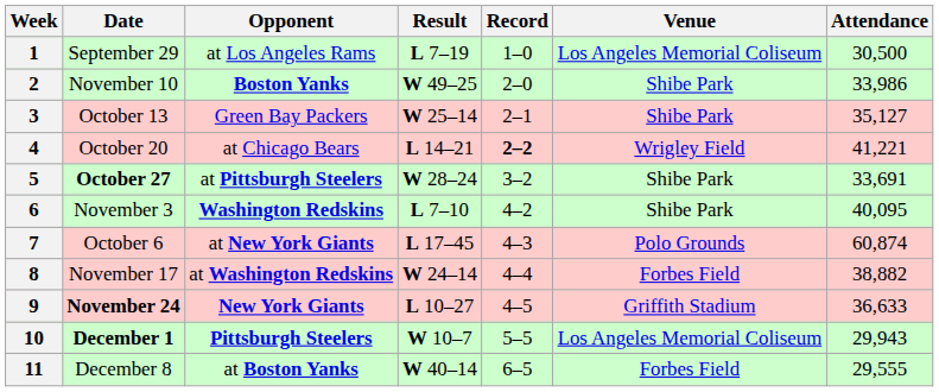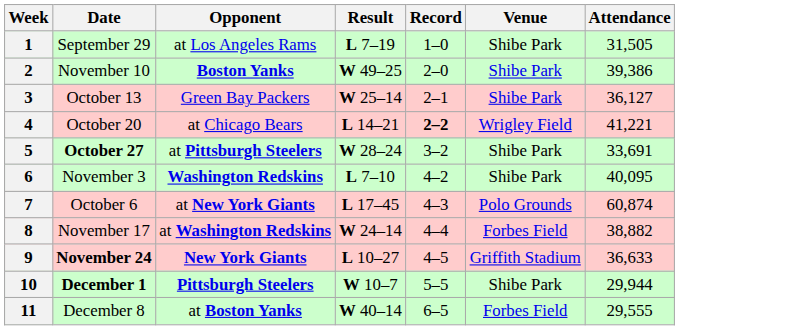 <table class="wikitable" style="text-align:center">
 <tr>
 <th>Week</th>
 <th>Date</th>
 <th>Opponent</th>
 <th>Result</th>
 <th>Record</th>
 <th>Venue</th>
 <th>Attendance</th>
 </tr>
 <tr style="background:#cfc">
 <th>1</th>
 <td>September 29</td>
 <td>at <a href='#'>Los Angeles Rams</a></td>
 <td><strong>L</strong> 7–19</td>
 <td>1–0</td>
-<td><a href='#'>Los Angeles Memorial Coliseum</a></td>
-<td>30,500</td>
+<td>Shibe Park</td>
+<td>31,505</td>
 </tr>
 <tr style="background:#cfc">
 <th>2</th>
 <td>November 10</td>
 <td><strong><a href='#'>Boston Yanks</a></strong></td>
 <td><strong>W</strong> 49–25</td>
 <td>2–0</td>
 <td><a href='#'>Shibe Park</a></td>
-<td>33,986</td>
+<td>39,386</td>
 </tr>
 <tr style="background:#fcc">
 <th>3</th>
 <td>October 13</td>
 <td><a href='#'>Green Bay Packers</a></td>
 <td><strong>W</strong> 25–14</td>
 <td>2–1</td>
 <td><a href='#'>Shibe Park</a></td>
-<td>35,127</td>
+<td>36,127</td>
 </tr>
 <tr style="background:#fcc">
 <th>4</th>
 <td>October 20</td>
 <td>at <a href='#'>Chicago Bears</a></td>
 <td><strong>L</strong> 14–21</td>
 <td><strong>2–2</strong></td>
 <td><a href='#'>Wrigley Field</a></td>
 <td>41,221</td>
 </tr>
 <tr style="background:#cfc">
 <th>5</th>
 <td><strong>October 27</strong></td>
 <td>at <strong><a href='#'>Pittsburgh Steelers</a></strong></td>
 <td><strong>W</strong> 28–24</td>
 <td>3–2</td>
 <td>Shibe Park</td>
 <td>33,691</td>
 </tr>
 <tr style="background:#cfc">
 <th>6</th>
 <td>November 3</td>
 <td><strong><a href='#'>Washington Redskins</a></strong></td>
 <td><strong>L</strong> 7–10</td>
 <td>4–2</td>
 <td>Shibe Park</td>
 <td>40,095</td>
 </tr>
 <tr style="background:#fcc">
 <th>7</th>
 <td>October 6</td>
 <td>at <strong><a href='#'>New York Giants</a></strong></td>
 <td><strong>L</strong> 17–45</td>
 <td>4–3</td>
 <td><a href='#'>Polo Grounds</a></td>
 <td>60,874</td>
 </tr>
 <tr style="background:#fcc">
 <th>8</th>
 <td>November 17</td>
 <td>at <strong><a href='#'>Washington Redskins</a></strong></td>
 <td><strong>W</strong> 24–14</td>
 <td>4–4</td>
 <td><a href='#'>Forbes Field</a></td>
 <td>38,882</td>
 </tr>
 <tr style="background:#fcc">
 <th>9</th>
 <td><strong>November 24</strong></td>
 <td><strong><a href='#'>New York Giants</a></strong></td>
 <td><strong>L</strong> 10–27</td>
 <td>4–5</td>
 <td><a href='#'>Griffith Stadium</a></td>
 <td>36,633</td>
 </tr>
 <tr style="background:#cfc">
 <th>10</th>
 <td><strong>December 1</strong></td>
 <td><strong><a href='#'>Pittsburgh Steelers</a></strong></td>
 <td><strong>W</strong> 10–7</td>
 <td>5–5</td>
-<td><a href='#'>Los Angeles Memorial Coliseum</a></td>
-<td>29,943</td>
+<td>Shibe Park</td>
+<td>29,944</td>
 </tr>
 <tr style="background:#cfc">
 <th>11</th>
 <td>December 8</td>
 <td>at <strong><a href='#'>Boston Yanks</a></strong></td>
 <td><strong>W</strong> 40–14</td>
 <td>6–5</td>
 <td><a href='#'>Forbes Field</a></td>
 <td>29,555</td>
 </tr>
 </table>
